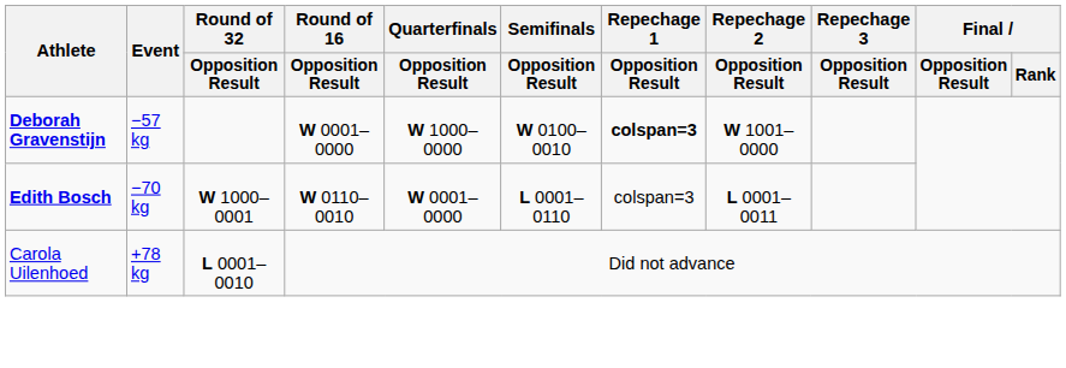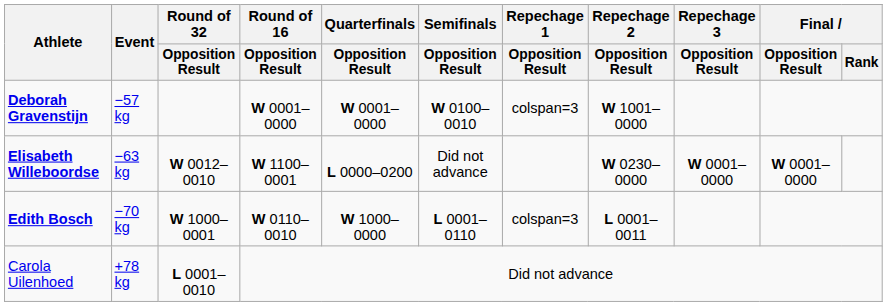 <table class="wikitable" style="font-size:90%">
 <tr>
 <th rowspan="2">Athlete</th>
 <th rowspan="2">Event</th>
 <th>Round of 32</th>
 <th>Round of 16</th>
 <th>Quarterfinals</th>
 <th>Semifinals</th>
 <th>Repechage 1</th>
 <th>Repechage 2</th>
 <th>Repechage 3</th>
 <th colspan=2>Final / </th>
 </tr>
 <tr style="font-size:95%">
 <th>Opposition<br>Result</th>
 <th>Opposition<br>Result</th>
 <th>Opposition<br>Result</th>
 <th>Opposition<br>Result</th>
 <th>Opposition<br>Result</th>
 <th>Opposition<br>Result</th>
 <th>Opposition<br>Result</th>
 <th>Opposition<br>Result</th>
 <th>Rank</th>
 </tr>
 <tr align=center>
 <td align=left><strong><a href='#'>Deborah Gravenstijn</a></strong></td>
 <td align=left><a href='#'>−57 kg</a></td>
 <td></td>
 <td><br><strong>W</strong> 0001–0000</td>
-<td><br><strong>W</strong> 1000–0000</td>
+<td><br><strong>W</strong> 0001–0000</td>
 <td><br><strong>W</strong> 0100–0010</td>
-<td><strong>colspan=3 </strong></td>
+<td>colspan=3 </td>
 <td><br><strong>W</strong> 1001–0000</td>
+<td></td>
+</tr>
+<tr align=center>
+<td align=left><strong><a href='#'>Elisabeth Willeboordse</a></strong></td>
+<td align=left><a href='#'>−63 kg</a></td>
+<td><br><strong>W</strong> 0012–0010</td>
+<td><br><strong>W</strong> 1100–0001</td>
+<td><br><strong>L</strong> 0000–0200</td>
+<td>Did not advance</td>
+<td></td>
+<td><br><strong>W</strong> 0230–0000</td>
+<td><br><strong>W</strong> 0001–0000</td>
+<td><br><strong>W</strong> 0001–0000</td>
 <td></td>
 </tr>
 <tr align=center>
 <td align=left><strong><a href='#'>Edith Bosch</a></strong></td>
 <td align=left><a href='#'>−70 kg</a></td>
 <td><br><strong>W</strong> 1000–0001</td>
 <td><br><strong>W</strong> 0110–0010</td>
-<td><br><strong>W</strong> 0001–0000</td>
+<td><br><strong>W</strong> 1000–0000</td>
 <td><br><strong>L</strong> 0001–0110</td>
 <td>colspan=3 </td>
 <td><br><strong>L</strong> 0001–0011</td>
 <td></td>
 </tr>
 <tr align=center>
 <td align=left><a href='#'>Carola Uilenhoed</a></td>
 <td align=left><a href='#'>+78 kg</a></td>
 <td><br><strong>L</strong> 0001–0010</td>
 <td colspan=8>Did not advance</td>
 </tr>
 </table>
